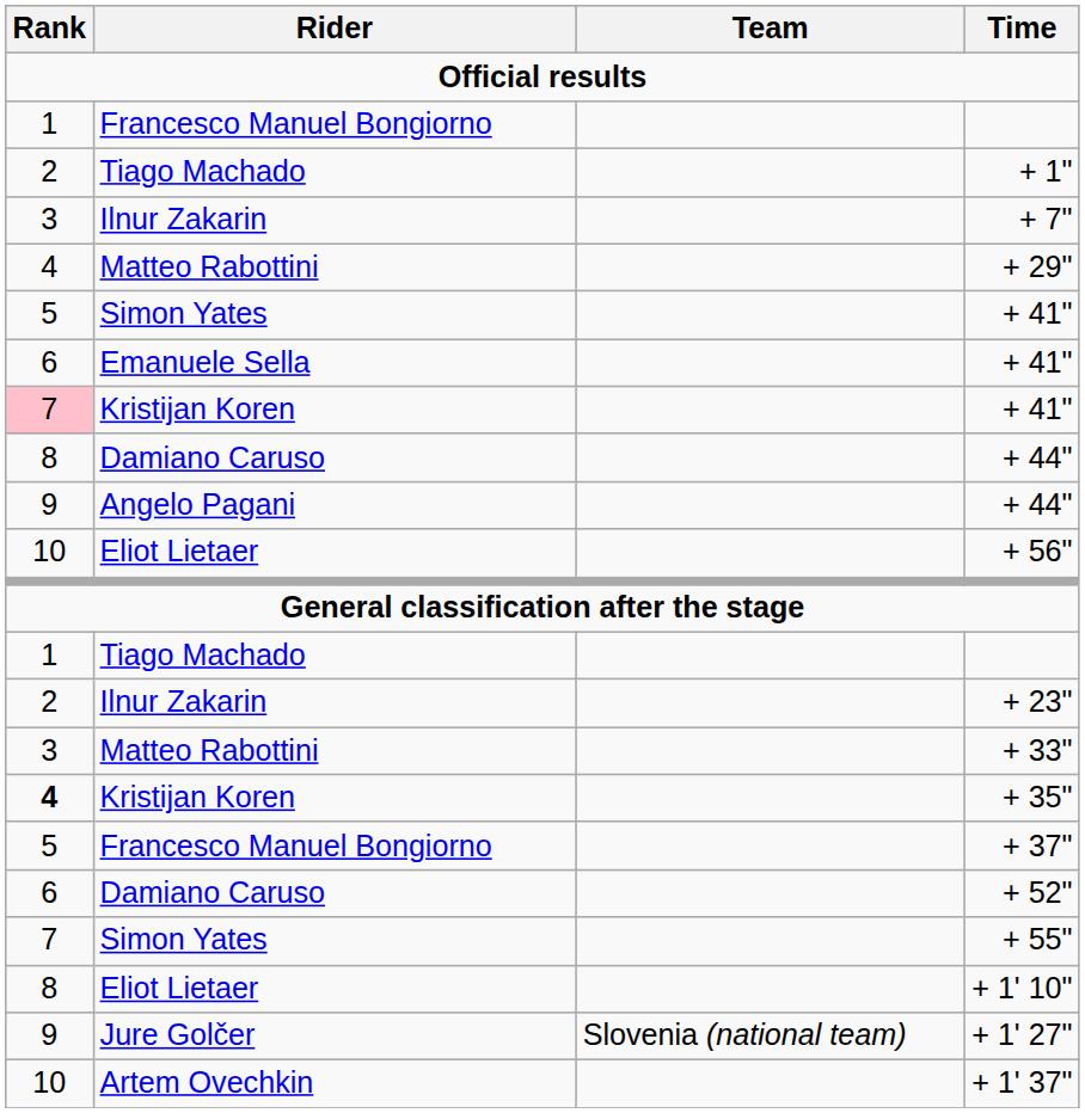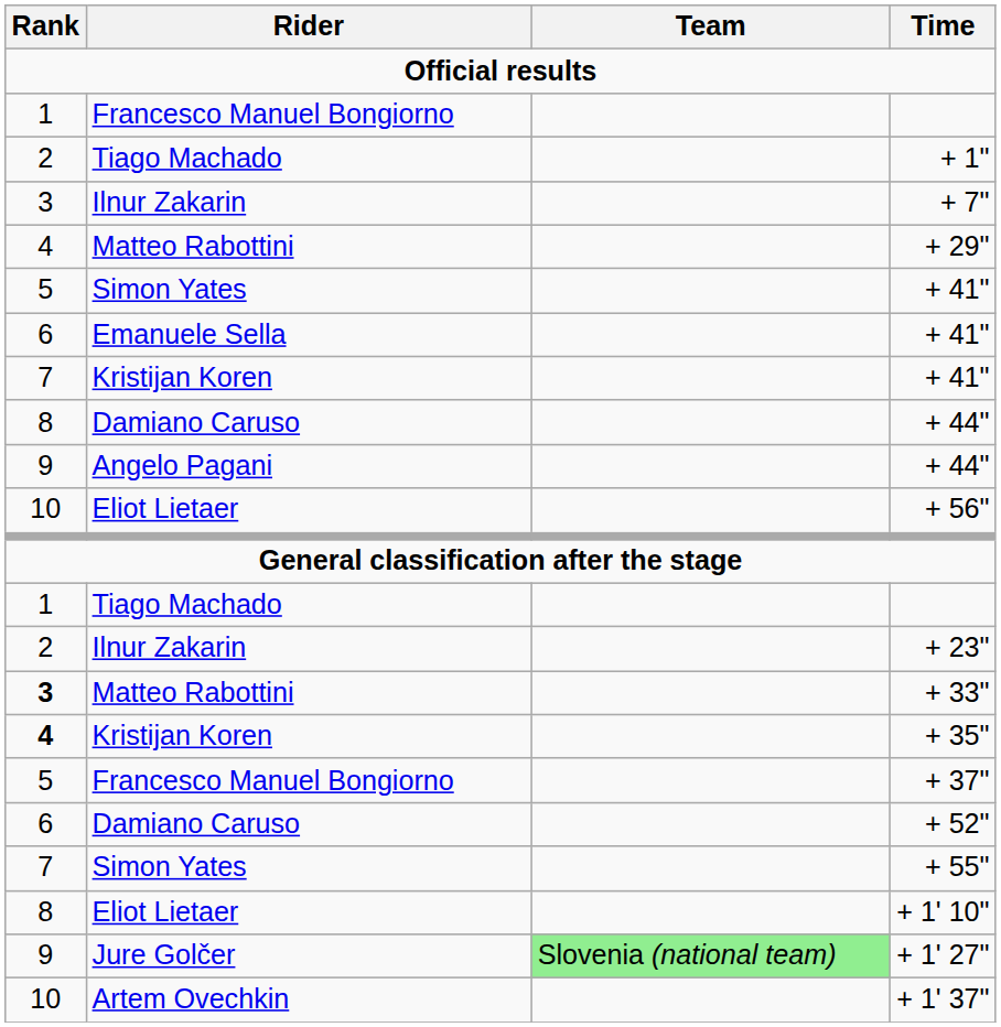 <table class="wikitable">
 <tr>
 <th>Rank</th>
 <th>Rider</th>
 <th>Team</th>
 <th>Time</th>
 </tr>
 <tr>
 <td colspan=4 align=center><strong>Official results</strong></td>
 </tr>
 <tr>
 <td style="text-align:center;">1</td>
 <td width=250px> <a href='#'>Francesco Manuel Bongiorno</a></td>
 <td width=200px></td>
 <td style="text-align:right;"></td>
 </tr>
 <tr>
 <td style="text-align:center;">2</td>
 <td> <a href='#'>Tiago Machado</a></td>
 <td></td>
 <td style="text-align:right;">+ 1"</td>
 </tr>
 <tr>
 <td style="text-align:center;">3</td>
 <td> <a href='#'>Ilnur Zakarin</a></td>
 <td></td>
 <td style="text-align:right;">+ 7"</td>
 </tr>
 <tr>
 <td style="text-align:center;">4</td>
 <td> <a href='#'>Matteo Rabottini</a></td>
 <td></td>
 <td style="text-align:right;">+ 29"</td>
 </tr>
 <tr>
 <td style="text-align:center;">5</td>
 <td> <a href='#'>Simon Yates</a> </td>
 <td></td>
 <td style="text-align:right;">+ 41"</td>
 </tr>
 <tr>
 <td style="text-align:center;">6</td>
 <td> <a href='#'>Emanuele Sella</a></td>
 <td></td>
 <td style="text-align:right;">+ 41"</td>
 </tr>
 <tr>
-<td style="background: pink; text-align:center;">7</td>
+<td style="text-align:center;">7</td>
 <td> <a href='#'>Kristijan Koren</a></td>
 <td></td>
 <td style="text-align:right;">+ 41"</td>
 </tr>
 <tr>
 <td style="text-align:center;">8</td>
 <td> <a href='#'>Damiano Caruso</a></td>
 <td></td>
 <td style="text-align:right;">+ 44"</td>
 </tr>
 <tr>
 <td style="text-align:center;">9</td>
 <td> <a href='#'>Angelo Pagani</a></td>
 <td></td>
 <td style="text-align:right;">+ 44"</td>
 </tr>
 <tr>
 <td style="text-align:center;">10</td>
 <td> <a href='#'>Eliot Lietaer</a></td>
 <td></td>
 <td style="text-align:right;">+ 56"</td>
 </tr>
 <tr>
 <td style="border-top-width:5px" colspan=4 align=center><strong>General classification after the stage</strong></td>
 </tr>
 <tr>
 <td style="text-align:center;">1</td>
 <td> <a href='#'>Tiago Machado</a> </td>
 <td></td>
 <td style="text-align:right;"></td>
 </tr>
 <tr>
 <td style="text-align:center;">2</td>
 <td> <a href='#'>Ilnur Zakarin</a></td>
 <td></td>
 <td style="text-align:right;">+ 23"</td>
 </tr>
 <tr>
-<td style="text-align:center;">3</td>
+<td style="text-align:center;"><strong>3</strong></td>
 <td> <a href='#'>Matteo Rabottini</a></td>
 <td></td>
 <td style="text-align:right;">+ 33"</td>
 </tr>
 <tr>
 <td style="text-align:center;"><strong>4</strong></td>
 <td> <a href='#'>Kristijan Koren</a></td>
 <td></td>
 <td style="text-align:right;">+ 35"</td>
 </tr>
 <tr>
 <td style="text-align:center;">5</td>
 <td> <a href='#'>Francesco Manuel Bongiorno</a> </td>
 <td></td>
 <td style="text-align:right;">+ 37"</td>
 </tr>
 <tr>
 <td style="text-align:center;">6</td>
 <td> <a href='#'>Damiano Caruso</a></td>
 <td></td>
 <td style="text-align:right;">+ 52"</td>
 </tr>
 <tr>
 <td style="text-align:center;">7</td>
 <td> <a href='#'>Simon Yates</a> </td>
 <td></td>
 <td style="text-align:right;">+ 55"</td>
 </tr>
 <tr>
 <td style="text-align:center;">8</td>
 <td> <a href='#'>Eliot Lietaer</a></td>
 <td></td>
 <td style="text-align:right;">+ 1' 10"</td>
 </tr>
 <tr>
 <td style="text-align:center;">9</td>
 <td> <a href='#'>Jure Golčer</a></td>
-<td>Slovenia <em>(national team)</em></td>
+<td style="background: lightgreen;">Slovenia <em>(national team)</em></td>
 <td style="text-align:right;">+ 1' 27"</td>
 </tr>
 <tr>
 <td style="text-align:center;">10</td>
 <td> <a href='#'>Artem Ovechkin</a></td>
 <td></td>
 <td style="text-align:right;">+ 1' 37"</td>
 </tr>
 </table>
